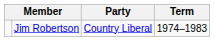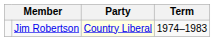 <table class="wikitable">
 <tr>
 <th colspan="2">Member</th>
 <th>Party</th>
 <th>Term</th>
 </tr>
 <tr>
 <td> </td>
 <td><a href='#'>Jim Robertson</a></td>
-<td><a href='#'>Country Liberal</a></td>
+<td style="background: lightyellow;"><a href='#'>Country Liberal</a></td>
 <td>1974–1983</td>
 </tr>
 </table>
